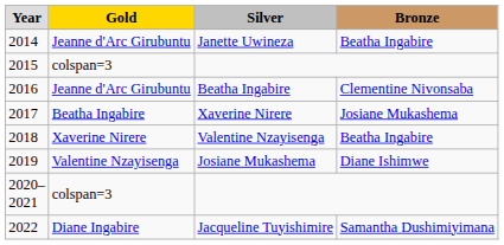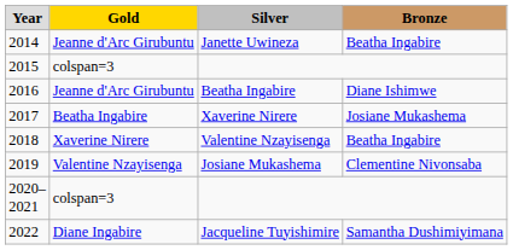 <table class="wikitable sortable" style="font-size:95%">
 <tr>
 <td style="background:#DDDDDD; font-weight:bold; text-align:center;">Year</td>
 <td style="background:gold; font-weight:bold; text-align:center;">Gold</td>
 <td style="background:silver; font-weight:bold; text-align:center;">Silver</td>
 <td style="background:#cc9966; font-weight:bold; text-align:center;">Bronze</td>
 </tr>
 <tr>
 <td>2014</td>
 <td><a href='#'>Jeanne d'Arc Girubuntu</a></td>
 <td><a href='#'>Janette Uwineza</a></td>
 <td><a href='#'>Beatha Ingabire</a></td>
 </tr>
 <tr>
 <td>2015</td>
 <td>colspan=3 </td>
 </tr>
 <tr>
 <td>2016</td>
 <td><a href='#'>Jeanne d'Arc Girubuntu</a></td>
 <td><a href='#'>Beatha Ingabire</a></td>
-<td><a href='#'>Clementine Nivonsaba</a></td>
+<td><a href='#'>Diane Ishimwe</a></td>
 </tr>
 <tr>
 <td>2017</td>
 <td><a href='#'>Beatha Ingabire</a></td>
 <td><a href='#'>Xaverine Nirere</a></td>
 <td><a href='#'>Josiane Mukashema</a></td>
 </tr>
 <tr>
 <td>2018</td>
 <td><a href='#'>Xaverine Nirere</a></td>
 <td><a href='#'>Valentine Nzayisenga</a></td>
 <td><a href='#'>Beatha Ingabire</a></td>
 </tr>
 <tr>
 <td>2019</td>
 <td><a href='#'>Valentine Nzayisenga</a></td>
 <td><a href='#'>Josiane Mukashema</a></td>
-<td><a href='#'>Diane Ishimwe</a></td>
+<td><a href='#'>Clementine Nivonsaba</a></td>
 </tr>
 <tr>
 <td>2020–<br>2021</td>
 <td>colspan=3 </td>
 </tr>
 <tr>
 <td>2022</td>
 <td><a href='#'>Diane Ingabire</a></td>
 <td><a href='#'>Jacqueline Tuyishimire</a></td>
 <td><a href='#'>Samantha Dushimiyimana</a></td>
 </tr>
 </table>
